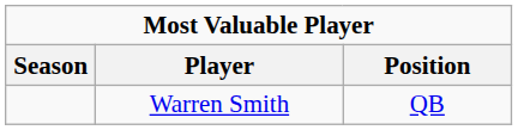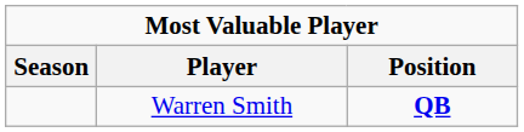 <table class="wikitable sortable" style="text-align:center">
 <tr>
 <td colspan="4"><strong>Most Valuable Player</strong></td>
 </tr>
 <tr>
 <th style="width:50px; ">Season</th>
 <th style="width:150px; ">Player</th>
 <th style="width:100px; ">Position</th>
 </tr>
 <tr>
 <td></td>
 <td><a href='#'>Warren Smith</a></td>
-<td><a href='#'>QB</a></td>
+<td><strong><a href='#'>QB</a></strong></td>
 </tr>
 </table>
